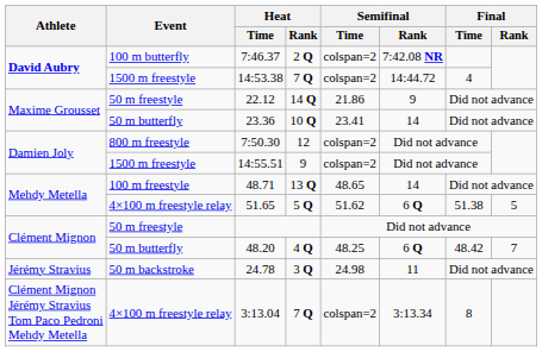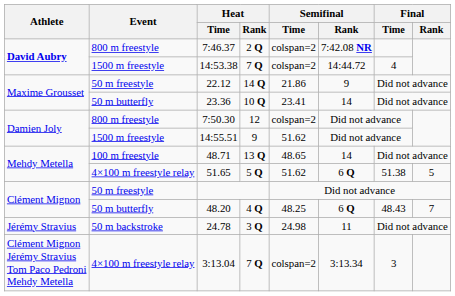 <table class="wikitable" style="text-align:center; font-size:90%">
 <tr>
 <th rowspan="2">Athlete</th>
 <th rowspan="2">Event</th>
 <th colspan="2">Heat</th>
 <th colspan="2">Semifinal</th>
 <th colspan="2">Final</th>
 </tr>
 <tr style="font-size:95%">
 <th>Time</th>
 <th>Rank</th>
 <th>Time</th>
 <th>Rank</th>
 <th>Time</th>
 <th>Rank</th>
 </tr>
 <tr>
 <td align=left rowspan=2><strong><a href='#'>David Aubry</a></strong></td>
-<td align=left><a href='#'>100 m butterfly</a></td>
+<td align=left><a href='#'>800 m freestyle</a></td>
 <td>7:46.37</td>
 <td>2 <strong>Q</strong></td>
 <td>colspan=2 </td>
 <td>7:42.08 <strong><a href='#'>NR</a></strong></td>
 <td></td>
 </tr>
 <tr>
 <td align=left><a href='#'>1500 m freestyle</a></td>
 <td>14:53.38</td>
 <td>7 <strong>Q</strong></td>
 <td>colspan=2 </td>
 <td>14:44.72</td>
 <td>4</td>
 </tr>
 <tr>
 <td align=left rowspan=2><a href='#'>Maxime Grousset</a></td>
 <td align=left><a href='#'>50 m freestyle</a></td>
 <td>22.12</td>
 <td>14 <strong>Q</strong></td>
 <td>21.86</td>
 <td>9</td>
 <td colspan=2>Did not advance</td>
 </tr>
 <tr>
 <td align=left><a href='#'>50 m butterfly</a></td>
 <td>23.36</td>
 <td>10 <strong>Q</strong></td>
 <td>23.41</td>
 <td>14</td>
 <td colspan=2>Did not advance</td>
 </tr>
 <tr>
 <td align=left rowspan=2><a href='#'>Damien Joly</a></td>
 <td align=left><a href='#'>800 m freestyle</a></td>
 <td>7:50.30</td>
 <td>12</td>
 <td>colspan=2 </td>
 <td colspan=2>Did not advance</td>
 </tr>
 <tr>
 <td align=left><a href='#'>1500 m freestyle</a></td>
 <td>14:55.51</td>
 <td>9</td>
-<td>colspan=2 </td>
+<td>51.62</td>
 <td colspan=2>Did not advance</td>
 </tr>
 <tr>
 <td align=left rowspan=2><a href='#'>Mehdy Metella</a></td>
 <td align=left><a href='#'>100 m freestyle</a></td>
 <td>48.71</td>
 <td>13 <strong>Q</strong></td>
 <td>48.65</td>
 <td>14</td>
 <td colspan=2>Did not advance</td>
 </tr>
 <tr>
 <td align=left><a href='#'>4×100 m freestyle relay</a></td>
 <td>51.65</td>
 <td>5 <strong>Q</strong></td>
 <td>51.62</td>
 <td>6 <strong>Q</strong></td>
 <td>51.38</td>
 <td>5</td>
 </tr>
 <tr>
 <td align=left rowspan=2><a href='#'>Clément Mignon</a></td>
 <td align=left><a href='#'>50 m freestyle</a></td>
 <td colspan=2></td>
 <td colspan=4>Did not advance</td>
 </tr>
 <tr>
 <td align=left><a href='#'>50 m butterfly</a></td>
 <td>48.20</td>
 <td>4 <strong>Q</strong></td>
 <td>48.25</td>
 <td>6 <strong>Q</strong></td>
-<td>48.42</td>
+<td>48.43</td>
 <td>7</td>
 </tr>
 <tr>
 <td align=left><a href='#'>Jérémy Stravius</a></td>
 <td align=left><a href='#'>50 m backstroke</a></td>
 <td>24.78</td>
 <td>3 <strong>Q</strong></td>
 <td>24.98</td>
 <td>11</td>
 <td colspan=2>Did not advance</td>
 </tr>
 <tr>
 <td align=left><a href='#'>Clément Mignon</a><br><a href='#'>Jérémy Stravius</a><br><a href='#'>Tom Paco Pedroni</a><br><a href='#'>Mehdy Metella</a></td>
 <td align=left><a href='#'>4×100 m freestyle relay</a></td>
 <td>3:13.04</td>
 <td>7 <strong>Q</strong></td>
 <td>colspan=2 </td>
 <td>3:13.34</td>
-<td>8</td>
+<td>3</td>
 </tr>
 </table>
